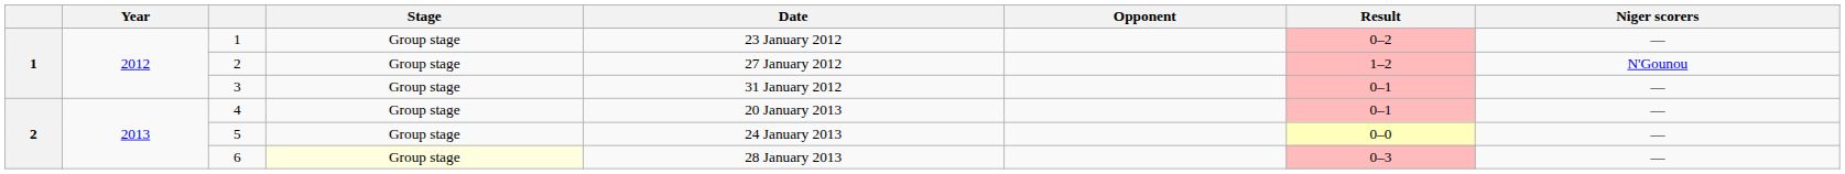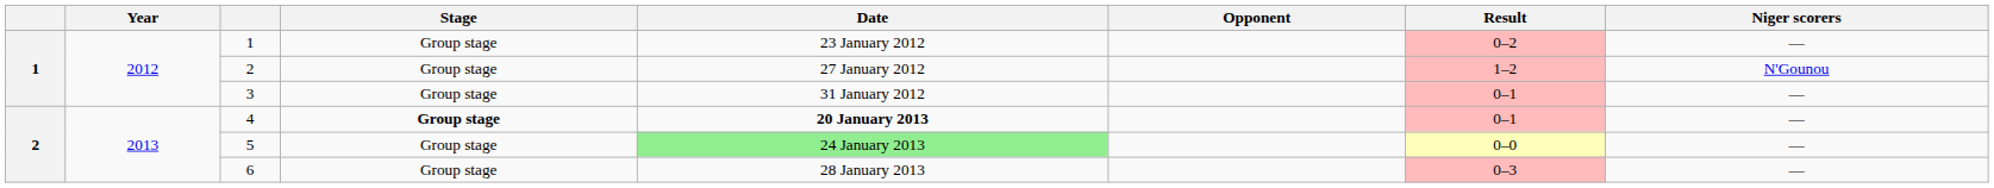 <table class="wikitable alternance" style="font-size:99%; text-align:center; line-height:; width:100%">
 <tr>
 <th></th>
 <th>Year</th>
 <th></th>
 <th><strong>Stage</strong></th>
 <th><strong>Date</strong></th>
 <th><strong>Opponent</strong></th>
 <th><strong>Result</strong></th>
 <th>Niger scorers</th>
 </tr>
 <tr>
 <th rowspan="3">1</th>
 <td rowspan="3"> <a href='#'>2012</a></td>
 <td>1</td>
 <td>Group stage</td>
 <td>23 January 2012</td>
 <td align="left"></td>
 <td bgcolor="#ffbbbb" align="center">0–2</td>
 <td>—</td>
 </tr>
 <tr>
 <td>2</td>
 <td>Group stage</td>
 <td>27 January 2012</td>
 <td align="left"></td>
 <td bgcolor="#ffbbbb" align="center">1–2</td>
 <td><a href='#'>N'Gounou</a> </td>
 </tr>
 <tr>
 <td>3</td>
 <td align="center">Group stage</td>
 <td>31 January 2012</td>
 <td align="left"></td>
 <td bgcolor="#ffbbbb" align="center">0–1</td>
 <td>—</td>
 </tr>
 <tr>
 <th rowspan="3">2</th>
 <td rowspan="3"> <a href='#'>2013</a></td>
 <td>4</td>
-<td>Group stage</td>
-<td>20 January 2013</td>
+<td><strong>Group stage</strong></td>
+<td><strong>20 January 2013</strong></td>
 <td align="left"></td>
 <td bgcolor="#ffbbbb" align="center">0–1</td>
 <td>—</td>
 </tr>
 <tr>
 <td>5</td>
 <td>Group stage</td>
-<td>24 January 2013</td>
+<td style="background: lightgreen;">24 January 2013</td>
 <td align="left"></td>
 <td bgcolor="#ffffbb" align="center">0–0</td>
 <td>—</td>
 </tr>
 <tr>
 <td>6</td>
-<td style="background: lightyellow;">Group stage</td>
+<td>Group stage</td>
 <td>28 January 2013</td>
 <td align="left"></td>
 <td bgcolor="#ffbbbb" align="center">0–3</td>
 <td>—</td>
 </tr>
 </table>
